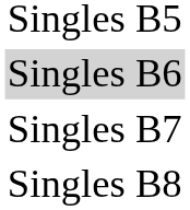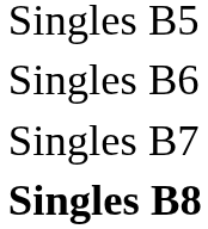 <table>
 <tr>
 <td>Singles B5</td>
 <td></td>
 <td></td>
 <td></td>
 </tr>
 <tr>
-<td style="background: lightgrey;">Singles B6</td>
+<td>Singles B6</td>
 <td></td>
 <td></td>
 <td></td>
 </tr>
 <tr>
 <td>Singles B7</td>
 <td></td>
 <td></td>
 <td></td>
 </tr>
 <tr>
-<td>Singles B8</td>
+<td><strong>Singles B8</strong></td>
 <td></td>
 <td></td>
 <td></td>
 </tr>
 </table>
